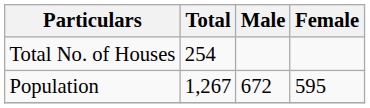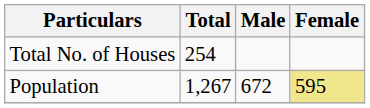 <table class="wikitable sortable">
 <tr>
 <th>Particulars</th>
 <th>Total</th>
 <th>Male</th>
 <th>Female</th>
 </tr>
 <tr>
 <td>Total No. of Houses</td>
 <td>254</td>
 <td></td>
 <td></td>
 </tr>
 <tr>
 <td>Population</td>
 <td>1,267</td>
 <td>672</td>
-<td>595</td>
+<td style="background: khaki;">595</td>
 </tr>
 <tr>
 </tr>
 </table>
